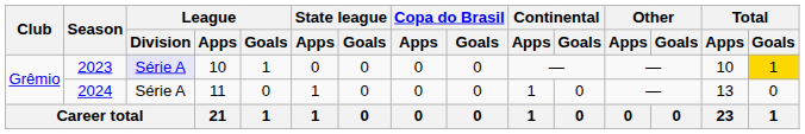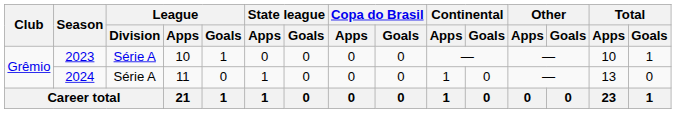 <table class="wikitable" style="text-align:center">
 <tr>
 <th rowspan="2">Club</th>
 <th rowspan="2">Season</th>
 <th colspan="3">League</th>
 <th colspan="2">State league</th>
 <th colspan="2"><a href='#'>Copa do Brasil</a></th>
 <th colspan="2">Continental</th>
 <th colspan="2">Other</th>
 <th colspan="2">Total</th>
 </tr>
 <tr>
 <th>Division</th>
 <th>Apps</th>
 <th>Goals</th>
 <th>Apps</th>
 <th>Goals</th>
 <th>Apps</th>
 <th>Goals</th>
 <th>Apps</th>
 <th>Goals</th>
 <th>Apps</th>
 <th>Goals</th>
 <th>Apps</th>
 <th>Goals</th>
 </tr>
 <tr>
 <td rowspan="2"><a href='#'>Grêmio</a></td>
 <td><a href='#'>2023</a></td>
-<td style="background: lavender;"><a href='#'>Série A</a></td>
+<td><a href='#'>Série A</a></td>
 <td>10</td>
 <td>1</td>
 <td>0</td>
 <td>0</td>
 <td>0</td>
 <td>0</td>
 <td colspan="2">—</td>
 <td colspan="2">—</td>
 <td>10</td>
-<td style="background: gold;">1</td>
+<td>1</td>
 </tr>
 <tr>
 <td><a href='#'>2024</a></td>
 <td>Série A</td>
 <td>11</td>
 <td>0</td>
 <td>1</td>
 <td>0</td>
 <td>0</td>
 <td>0</td>
 <td>1</td>
 <td>0</td>
 <td colspan="2">—</td>
 <td>13</td>
 <td>0</td>
 </tr>
 <tr>
 <th colspan="3">Career total</th>
 <th>21</th>
 <th>1</th>
 <th>1</th>
 <th>0</th>
 <th>0</th>
 <th>0</th>
 <th>1</th>
 <th>0</th>
 <th>0</th>
 <th>0</th>
 <th>23</th>
 <th>1</th>
 </tr>
 </table>
